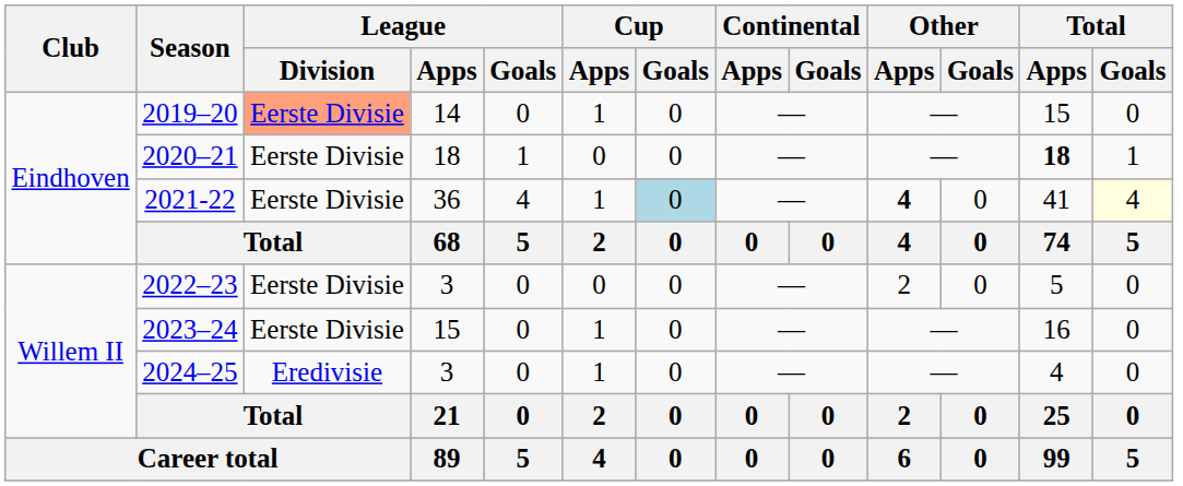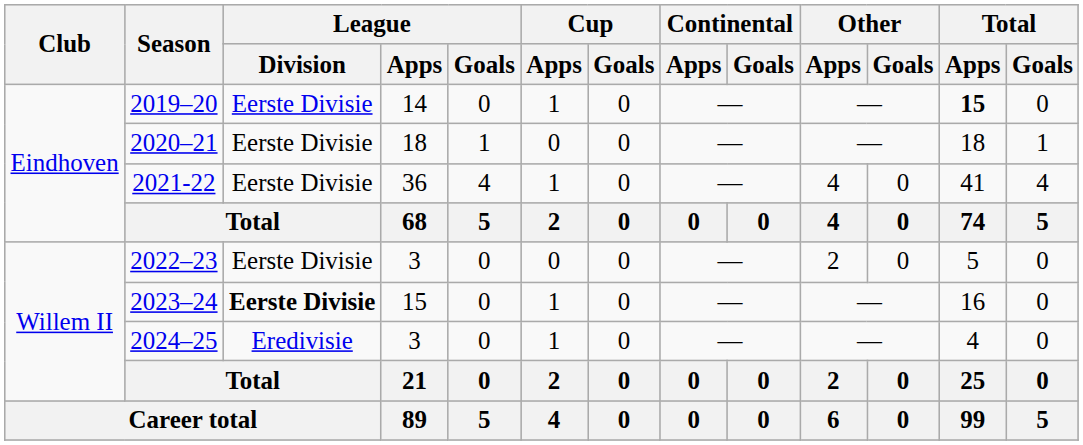 <table class="wikitable" style="text-align:center">
 <tr>
 <th rowspan="2">Club</th>
 <th rowspan="2">Season</th>
 <th colspan="3">League</th>
 <th colspan="2">Cup</th>
 <th colspan="2">Continental</th>
 <th colspan="2">Other</th>
 <th colspan="2">Total</th>
 </tr>
 <tr>
 <th>Division</th>
 <th>Apps</th>
 <th>Goals</th>
 <th>Apps</th>
 <th>Goals</th>
 <th>Apps</th>
 <th>Goals</th>
 <th>Apps</th>
 <th>Goals</th>
 <th>Apps</th>
 <th>Goals</th>
 </tr>
 <tr>
 <td rowspan="4"><a href='#'>Eindhoven</a></td>
 <td><a href='#'>2019–20</a></td>
-<td style="background: lightsalmon;"><a href='#'>Eerste Divisie</a></td>
+<td><a href='#'>Eerste Divisie</a></td>
 <td>14</td>
 <td>0</td>
 <td>1</td>
 <td>0</td>
 <td colspan="2">—</td>
 <td colspan="2">—</td>
-<td>15</td>
+<td><strong>15</strong></td>
 <td>0</td>
 </tr>
 <tr>
 <td><a href='#'>2020–21</a></td>
 <td>Eerste Divisie</td>
 <td>18</td>
 <td>1</td>
 <td>0</td>
 <td>0</td>
 <td colspan="2">—</td>
 <td colspan="2">—</td>
-<td><strong>18</strong></td>
+<td>18</td>
 <td>1</td>
 </tr>
 <tr>
 <td><a href='#'>2021-22</a></td>
 <td>Eerste Divisie</td>
 <td>36</td>
 <td>4</td>
 <td>1</td>
-<td style="background: lightblue;">0</td>
+<td>0</td>
 <td colspan="2">—</td>
-<td><strong>4</strong></td>
+<td>4</td>
 <td>0</td>
 <td>41</td>
-<td style="background: lightyellow;">4</td>
+<td>4</td>
 </tr>
 <tr>
 <th colspan="2">Total</th>
 <th>68</th>
 <th>5</th>
 <th>2</th>
 <th>0</th>
 <th>0</th>
 <th>0</th>
 <th>4</th>
 <th>0</th>
 <th>74</th>
 <th>5</th>
 </tr>
 <tr>
 <td rowspan="4"><a href='#'>Willem II</a></td>
 <td><a href='#'>2022–23</a></td>
 <td>Eerste Divisie</td>
 <td>3</td>
 <td>0</td>
 <td>0</td>
 <td>0</td>
 <td colspan="2">—</td>
 <td>2</td>
 <td>0</td>
 <td>5</td>
 <td>0</td>
 </tr>
 <tr>
 <td><a href='#'>2023–24</a></td>
-<td>Eerste Divisie</td>
+<td><strong>Eerste Divisie</strong></td>
 <td>15</td>
 <td>0</td>
 <td>1</td>
 <td>0</td>
 <td colspan="2">—</td>
 <td colspan="2">—</td>
 <td>16</td>
 <td>0</td>
 </tr>
 <tr>
 <td><a href='#'>2024–25</a></td>
 <td><a href='#'>Eredivisie</a></td>
 <td>3</td>
 <td>0</td>
 <td>1</td>
 <td>0</td>
 <td colspan="2">—</td>
 <td colspan="2">—</td>
 <td>4</td>
 <td>0</td>
 </tr>
 <tr>
 <th colspan="2">Total</th>
 <th>21</th>
 <th>0</th>
 <th>2</th>
 <th>0</th>
 <th>0</th>
 <th>0</th>
 <th>2</th>
 <th>0</th>
 <th>25</th>
 <th>0</th>
 </tr>
 <tr>
 <th colspan="3">Career total</th>
 <th>89</th>
 <th>5</th>
 <th>4</th>
 <th>0</th>
 <th>0</th>
 <th>0</th>
 <th>6</th>
 <th>0</th>
 <th>99</th>
 <th>5</th>
 </tr>
 </table>
